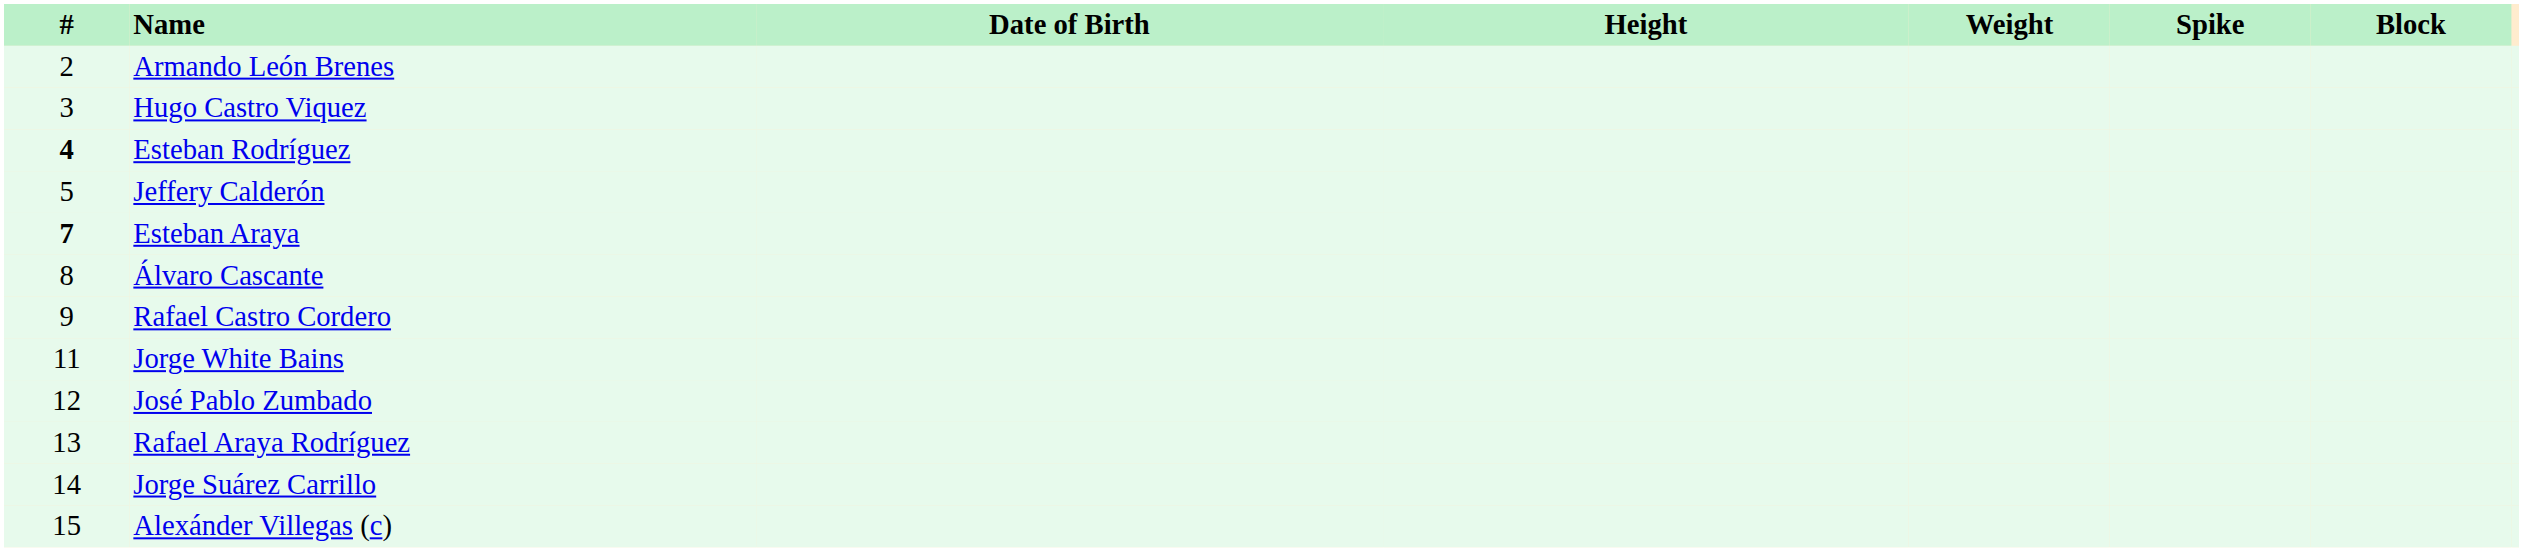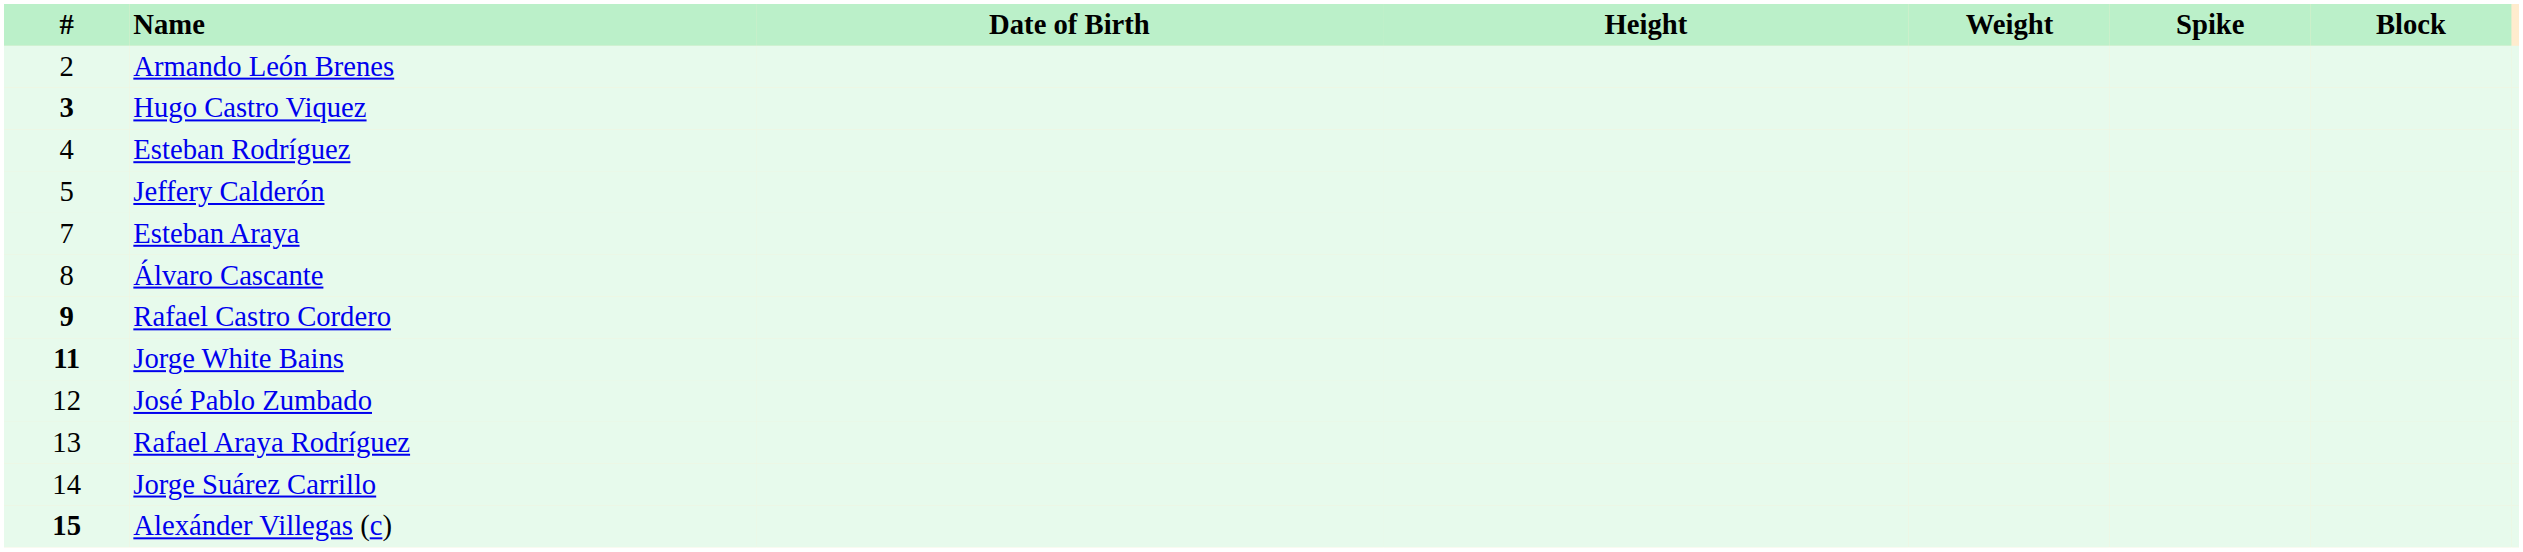 <table border=0 cellpadding=2 cellspacing=0  |- bgcolor=#FFECCE style="text-align:center; font-size:90%;" width=100%>
 <tr bgcolor=#BBF0C9>
 <th width=5%>#</th>
 <th width=25% align=left>Name</th>
 <th width=25%>Date of Birth</th>
 <th width=21%>Height</th>
 <th width=8%>Weight</th>
 <th width=8%>Spike</th>
 <th width=8%>Block</th>
 </tr>
 <tr bgcolor=#E7FAEC>
 <td>2</td>
 <td align=left><a href='#'>Armando León Brenes</a></td>
 <td></td>
 <td></td>
 <td></td>
 <td></td>
 <td></td>
 <td></td>
 </tr>
 <tr bgcolor=#E7FAEC>
-<td>3</td>
+<td><strong>3</strong></td>
 <td align=left><a href='#'>Hugo Castro Viquez</a></td>
 <td></td>
 <td></td>
 <td></td>
 <td></td>
 <td></td>
 <td></td>
 </tr>
 <tr bgcolor=#E7FAEC>
-<td><strong>4</strong></td>
+<td>4</td>
 <td align=left><a href='#'>Esteban Rodríguez</a></td>
 <td></td>
 <td></td>
 <td></td>
 <td></td>
 <td></td>
 <td></td>
 </tr>
 <tr bgcolor=#E7FAEC>
 <td>5</td>
 <td align=left><a href='#'>Jeffery Calderón</a></td>
 <td></td>
 <td></td>
 <td></td>
 <td></td>
 <td></td>
 <td></td>
 </tr>
 <tr bgcolor=#E7FAEC>
-<td><strong>7</strong></td>
+<td>7</td>
 <td align=left><a href='#'>Esteban Araya</a></td>
 <td></td>
 <td></td>
 <td></td>
 <td></td>
 <td></td>
 <td></td>
 </tr>
 <tr bgcolor=#E7FAEC>
 <td>8</td>
 <td align=left><a href='#'>Álvaro Cascante</a></td>
 <td></td>
 <td></td>
 <td></td>
 <td></td>
 <td></td>
 <td></td>
 </tr>
 <tr bgcolor=#E7FAEC>
-<td>9</td>
+<td><strong>9</strong></td>
 <td align=left><a href='#'>Rafael Castro Cordero</a></td>
 <td></td>
 <td></td>
 <td></td>
 <td></td>
 <td></td>
 <td></td>
 </tr>
 <tr bgcolor=#E7FAEC>
-<td>11</td>
+<td><strong>11</strong></td>
 <td align=left><a href='#'>Jorge White Bains</a></td>
 <td></td>
 <td></td>
 <td></td>
 <td></td>
 <td></td>
 <td></td>
 </tr>
 <tr bgcolor=#E7FAEC>
 <td>12</td>
 <td align=left><a href='#'>José Pablo Zumbado</a></td>
 <td></td>
 <td></td>
 <td></td>
 <td></td>
 <td></td>
 <td></td>
 </tr>
 <tr bgcolor=#E7FAEC>
 <td>13</td>
 <td align=left><a href='#'>Rafael Araya Rodríguez</a></td>
 <td></td>
 <td></td>
 <td></td>
 <td></td>
 <td></td>
 <td></td>
 </tr>
 <tr bgcolor=#E7FAEC>
 <td>14</td>
 <td align=left><a href='#'>Jorge Suárez Carrillo</a></td>
 <td></td>
 <td></td>
 <td></td>
 <td></td>
 <td></td>
 <td></td>
 </tr>
 <tr bgcolor=#E7FAEC>
-<td>15</td>
+<td><strong>15</strong></td>
 <td align=left><a href='#'>Alexánder Villegas</a> (<a href='#'>c</a>)</td>
 <td></td>
 <td></td>
 <td></td>
 <td></td>
 <td></td>
 <td></td>
 </tr>
 </table>
